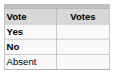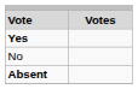 <table class="wikitable">
 <tr>
 <td colspan="3" bgcolor="#C0C0C0"></td>
 </tr>
 <tr bgcolor="#D8D8D8">
 <td width=80px><strong>Vote</strong></td>
 <td width=80px align="center"><strong>Votes</strong></td>
 </tr>
 <tr>
 <td> <strong>Yes</strong></td>
 <td></td>
 </tr>
 <tr>
-<td><strong>No</strong></td>
+<td>No</td>
 <td></td>
 </tr>
 <tr>
-<td>Absent</td>
+<td><strong>Absent</strong></td>
 <td></td>
 </tr>
 <tr>
 </tr>
 </table>
